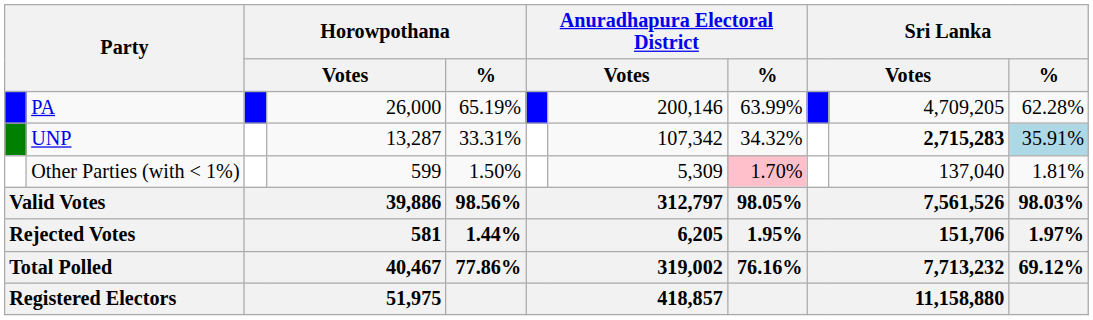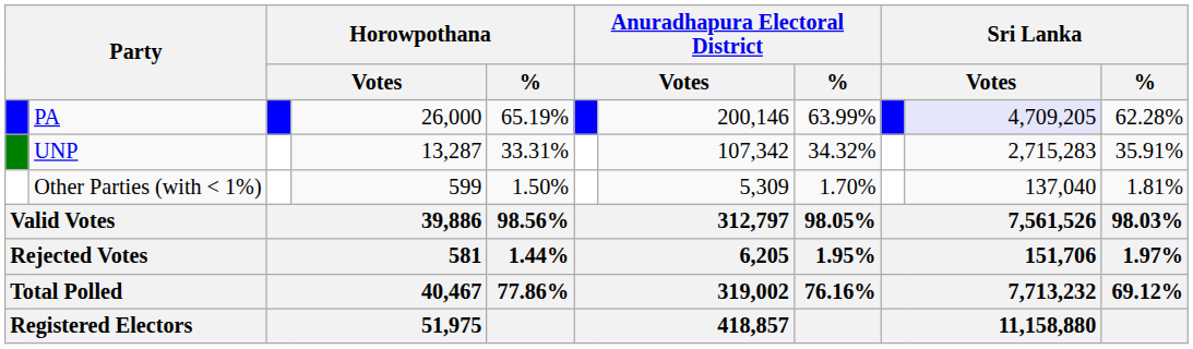 <table class="wikitable">
 <tr>
 <th colspan="2" width="144px"rowspan="2">Party</th>
 <th colspan="3" width="216px">Horowpothana</th>
 <th colspan="3" width="216px"><a href='#'>Anuradhapura Electoral District</a></th>
 <th colspan="3" width="216px">Sri Lanka</th>
 </tr>
 <tr>
 <th colspan="2" width="144px">Votes</th>
 <th>%</th>
 <th colspan="2" width="144px">Votes</th>
 <th>%</th>
 <th colspan="2" width="144px">Votes</th>
 <th>%</th>
 </tr>
 <tr>
 <td style="background-color:blue;" width="10px"></td>
 <td style="text-align:left;"><a href='#'>PA</a></td>
 <td style="background-color:blue;" width="10px"></td>
 <td style="text-align:right;">26,000</td>
 <td style="text-align:right;">65.19%</td>
 <td style="background-color:blue;" width="10px"></td>
 <td style="text-align:right;">200,146</td>
 <td style="text-align:right;">63.99%</td>
 <td style="background-color:blue;" width="10px"></td>
-<td style="text-align:right;">4,709,205</td>
+<td style="background: lavender; text-align:right;">4,709,205</td>
 <td style="text-align:right;">62.28%</td>
 </tr>
 <tr>
 <td style="background-color:green;" width="10px"></td>
 <td style="text-align:left;"><a href='#'>UNP</a></td>
 <td style="background-color:white;" width="10px"></td>
 <td style="text-align:right;">13,287</td>
 <td style="text-align:right;">33.31%</td>
 <td style="background-color:white;" width="10px"></td>
 <td style="text-align:right;">107,342</td>
 <td style="text-align:right;">34.32%</td>
 <td style="background-color:white;" width="10px"></td>
-<td style="text-align:right;"><strong>2,715,283</strong></td>
-<td style="background: lightblue; text-align:right;">35.91%</td>
+<td style="text-align:right;">2,715,283</td>
+<td style="text-align:right;">35.91%</td>
 </tr>
 <tr>
 <td style="background-color:white;" width="10px"></td>
 <td style="text-align:left;">Other Parties (with < 1%)</td>
 <td style="background-color:white;" width="10px"></td>
 <td style="text-align:right;">599</td>
 <td style="text-align:right;">1.50%</td>
 <td style="background-color:white;" width="10px"></td>
 <td style="text-align:right;">5,309</td>
-<td style="background: pink; text-align:right;">1.70%</td>
+<td style="text-align:right;">1.70%</td>
 <td style="background-color:white;" width="10px"></td>
 <td style="text-align:right;">137,040</td>
 <td style="text-align:right;">1.81%</td>
 </tr>
 <tr>
 <th colspan="2" width="144px"style="text-align:left;">Valid Votes</th>
 <th style="text-align:right;"colspan="2" width="144px">39,886</th>
 <th style="text-align:right;">98.56%</th>
 <th style="text-align:right;"colspan="2" width="144px">312,797</th>
 <th style="text-align:right;">98.05%</th>
 <th style="text-align:right;"colspan="2" width="144px">7,561,526</th>
 <th style="text-align:right;">98.03%</th>
 </tr>
 <tr>
 <th colspan="2" width="144px"style="text-align:left;">Rejected Votes</th>
 <th style="text-align:right;"colspan="2" width="144px">581</th>
 <th style="text-align:right;">1.44%</th>
 <th style="text-align:right;"colspan="2" width="144px">6,205</th>
 <th style="text-align:right;">1.95%</th>
 <th style="text-align:right;"colspan="2" width="144px">151,706</th>
 <th style="text-align:right;">1.97%</th>
 </tr>
 <tr>
 <th colspan="2" width="144px"style="text-align:left;">Total Polled</th>
 <th style="text-align:right;"colspan="2" width="144px">40,467</th>
 <th style="text-align:right;">77.86%</th>
 <th style="text-align:right;"colspan="2" width="144px">319,002</th>
 <th style="text-align:right;">76.16%</th>
 <th style="text-align:right;"colspan="2" width="144px">7,713,232</th>
 <th style="text-align:right;">69.12%</th>
 </tr>
 <tr>
 <th colspan="2" width="144px"style="text-align:left;">Registered Electors</th>
 <th style="text-align:right;"colspan="2" width="144px">51,975</th>
 <th></th>
 <th style="text-align:right;"colspan="2" width="144px">418,857</th>
 <th></th>
 <th style="text-align:right;"colspan="2" width="144px">11,158,880</th>
 <th></th>
 </tr>
 </table>
